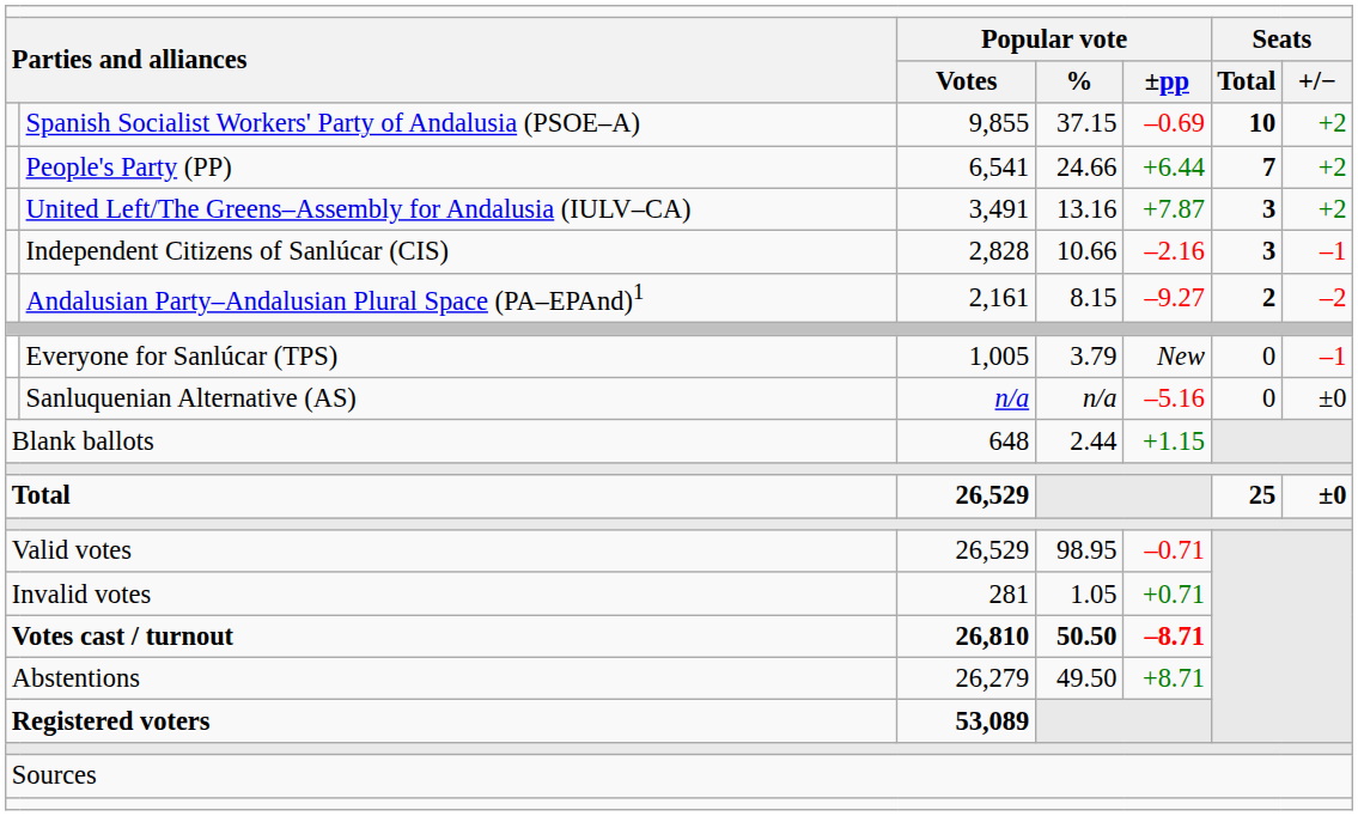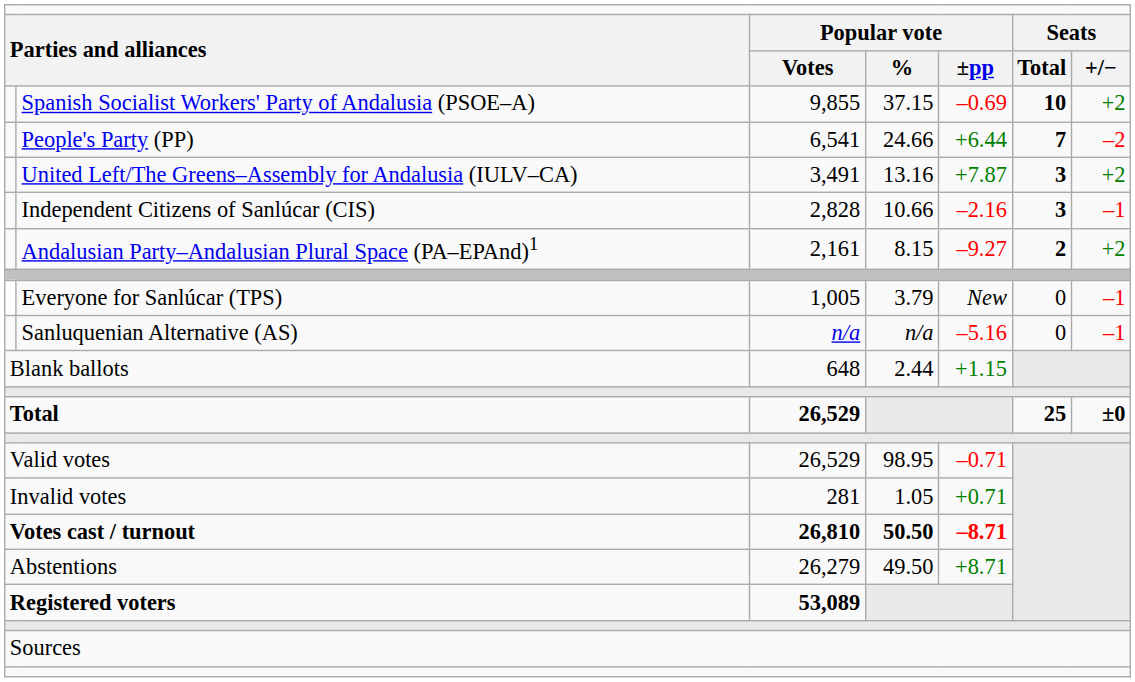 <table class="wikitable" style="text-align:right;">
 <tr>
 <td colspan="7"></td>
 </tr>
 <tr>
 <th style="text-align:left;" rowspan="2" colspan="2" width="525">Parties and alliances</th>
 <th colspan="3">Popular vote</th>
 <th colspan="2">Seats</th>
 </tr>
 <tr>
 <th width="75">Votes</th>
 <th width="45">%</th>
 <th width="45">±<a href='#'>pp</a></th>
 <th width="35">Total</th>
 <th width="35">+/−</th>
 </tr>
 <tr>
 <td width="1" style="color:inherit;background:"></td>
 <td align="left"><a href='#'>Spanish Socialist Workers' Party of Andalusia</a> (PSOE–A)</td>
 <td>9,855</td>
 <td>37.15</td>
 <td style="color:red;">–0.69</td>
 <td><strong>10</strong></td>
 <td style="color:green;">+2</td>
 </tr>
 <tr>
 <td style="color:inherit;background:"></td>
 <td align="left"><a href='#'>People's Party</a> (PP)</td>
 <td>6,541</td>
 <td>24.66</td>
 <td style="color:green;">+6.44</td>
 <td><strong>7</strong></td>
-<td style="color:green;">+2</td>
+<td style="color:red;">–2</td>
 </tr>
 <tr>
 <td style="color:inherit;background:"></td>
 <td align="left"><a href='#'>United Left/The Greens–Assembly for Andalusia</a> (IULV–CA)</td>
 <td>3,491</td>
 <td>13.16</td>
 <td style="color:green;">+7.87</td>
 <td><strong>3</strong></td>
 <td style="color:green;">+2</td>
 </tr>
 <tr>
 <td style="color:inherit;background:"></td>
 <td align="left">Independent Citizens of Sanlúcar (CIS)</td>
 <td>2,828</td>
 <td>10.66</td>
 <td style="color:red;">–2.16</td>
 <td><strong>3</strong></td>
 <td style="color:red;">–1</td>
 </tr>
 <tr>
 <td style="color:inherit;background:"></td>
 <td align="left"><a href='#'>Andalusian Party–Andalusian Plural Space</a> (PA–EPAnd)<sup>1</sup></td>
 <td>2,161</td>
 <td>8.15</td>
 <td style="color:red;">–9.27</td>
 <td><strong>2</strong></td>
-<td style="color:red;">–2</td>
+<td style="color:green;">+2</td>
 </tr>
 <tr>
 <td colspan="7" bgcolor="#C0C0C0"></td>
 </tr>
 <tr>
 <td bgcolor="white"></td>
 <td align="left">Everyone for Sanlúcar (TPS)</td>
 <td>1,005</td>
 <td>3.79</td>
 <td><em>New</em></td>
 <td>0</td>
 <td style="color:red;">–1</td>
 </tr>
 <tr>
 <td style="color:inherit;background:"></td>
 <td align="left">Sanluquenian Alternative (AS)</td>
 <td><em><a href='#'>n/a</a></em></td>
 <td><em>n/a</em></td>
 <td style="color:red;">–5.16</td>
 <td>0</td>
-<td>±0</td>
+<td style="color:red;">–1</td>
 </tr>
 <tr>
 <td align="left" colspan="2">Blank ballots</td>
 <td>648</td>
 <td>2.44</td>
 <td style="color:green;">+1.15</td>
 <td bgcolor="#E9E9E9" colspan="2"></td>
 </tr>
 <tr>
 <td colspan="7" bgcolor="#E9E9E9"></td>
 </tr>
 <tr style="font-weight:bold;">
 <td align="left" colspan="2">Total</td>
 <td>26,529</td>
 <td bgcolor="#E9E9E9" colspan="2"></td>
 <td>25</td>
 <td>±0</td>
 </tr>
 <tr>
 <td colspan="7" bgcolor="#E9E9E9"></td>
 </tr>
 <tr>
 <td align="left" colspan="2">Valid votes</td>
 <td>26,529</td>
 <td>98.95</td>
 <td style="color:red;">–0.71</td>
 <td bgcolor="#E9E9E9" colspan="2" rowspan="5"></td>
 </tr>
 <tr>
 <td align="left" colspan="2">Invalid votes</td>
 <td>281</td>
 <td>1.05</td>
 <td style="color:green;">+0.71</td>
 </tr>
 <tr style="font-weight:bold;">
 <td align="left" colspan="2">Votes cast / turnout</td>
 <td>26,810</td>
 <td>50.50</td>
 <td style="color:red;">–8.71</td>
 </tr>
 <tr>
 <td align="left" colspan="2">Abstentions</td>
 <td>26,279</td>
 <td>49.50</td>
 <td style="color:green;">+8.71</td>
 </tr>
 <tr style="font-weight:bold;">
 <td align="left" colspan="2">Registered voters</td>
 <td>53,089</td>
 <td bgcolor="#E9E9E9" colspan="2"></td>
 </tr>
 <tr>
 <td colspan="7" bgcolor="#E9E9E9"></td>
 </tr>
 <tr>
 <td align="left" colspan="7">Sources</td>
 </tr>
 <tr>
 <td colspan="7" style="text-align:left; max-width:790px;"></td>
 </tr>
 </table>
